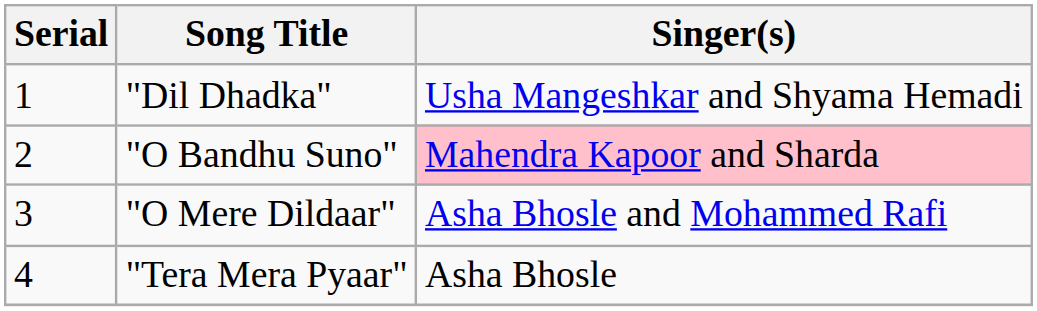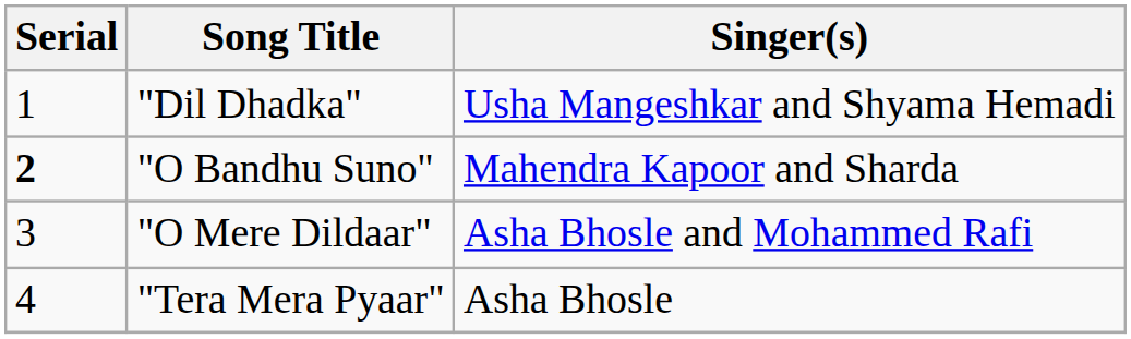 <table class="wikitable">
 <tr>
 <th>Serial</th>
 <th>Song Title</th>
 <th>Singer(s)</th>
 </tr>
 <tr>
 <td>1</td>
 <td>"Dil Dhadka"</td>
 <td><a href='#'>Usha Mangeshkar</a> and Shyama Hemadi</td>
 </tr>
 <tr>
-<td>2</td>
+<td><strong>2</strong></td>
 <td>"O Bandhu Suno"</td>
-<td style="background: pink;"><a href='#'>Mahendra Kapoor</a> and Sharda</td>
+<td><a href='#'>Mahendra Kapoor</a> and Sharda</td>
 </tr>
 <tr>
 <td>3</td>
 <td>"O Mere Dildaar"</td>
 <td><a href='#'>Asha Bhosle</a> and <a href='#'>Mohammed Rafi</a></td>
 </tr>
 <tr>
 <td>4</td>
 <td>"Tera Mera Pyaar"</td>
 <td>Asha Bhosle</td>
 </tr>
 <tr>
 </tr>
 </table>
